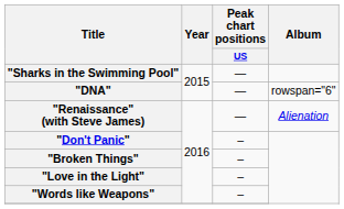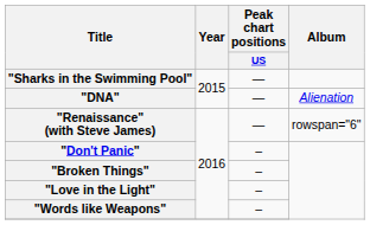 <table class="wikitable plainrowheaders" style="text-align:center;">
 <tr>
 <th scope="col" rowspan="2">Title</th>
 <th scope="col" rowspan="2">Year</th>
 <th scope="col">Peak chart positions</th>
 <th scope="col" rowspan="2">Album</th>
 </tr>
 <tr>
 <th scope="col" style="width:3em;font-size:85%;"><a href='#'>US</a></th>
 </tr>
 <tr>
 <th scope="row">"Sharks in the Swimming Pool"</th>
 <td rowspan="2">2015</td>
 <td>—</td>
 <td></td>
 </tr>
 <tr>
 <th scope="row">"DNA"</th>
 <td>—</td>
-<td>rowspan="6" </td>
+<td><em><a href='#'>Alienation</a></em></td>
 </tr>
 <tr>
 <th scope="row">"Renaissance"<br><span>(with Steve James)</span></th>
 <td rowspan="5">2016</td>
 <td>—</td>
-<td><em><a href='#'>Alienation</a></em></td>
+<td>rowspan="6" </td>
 </tr>
 <tr>
 <th scope="row">"<a href='#'>Don't Panic</a>"</th>
 <td>–</td>
 </tr>
 <tr>
 <th scope="row">"Broken Things"</th>
 <td>–</td>
 </tr>
 <tr>
 <th scope="row">"Love in the Light"</th>
 <td>–</td>
 </tr>
 <tr>
 <th scope="row">"Words like Weapons"</th>
 <td>–</td>
 </tr>
 <tr>
 </tr>
 </table>
